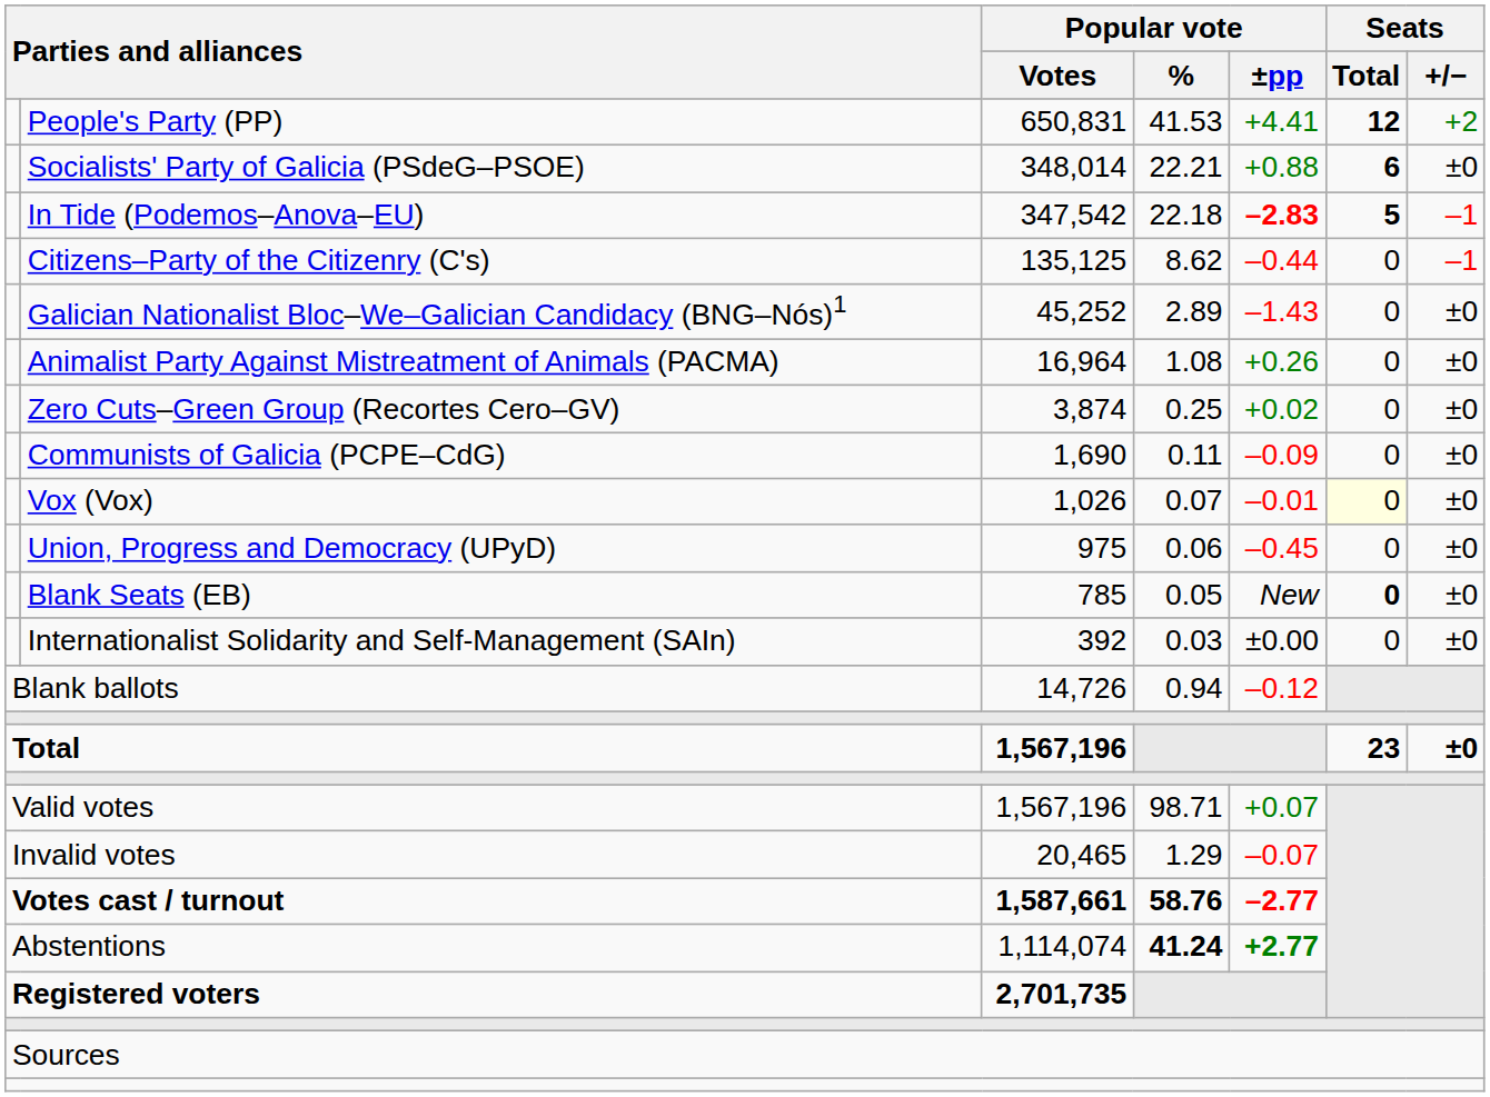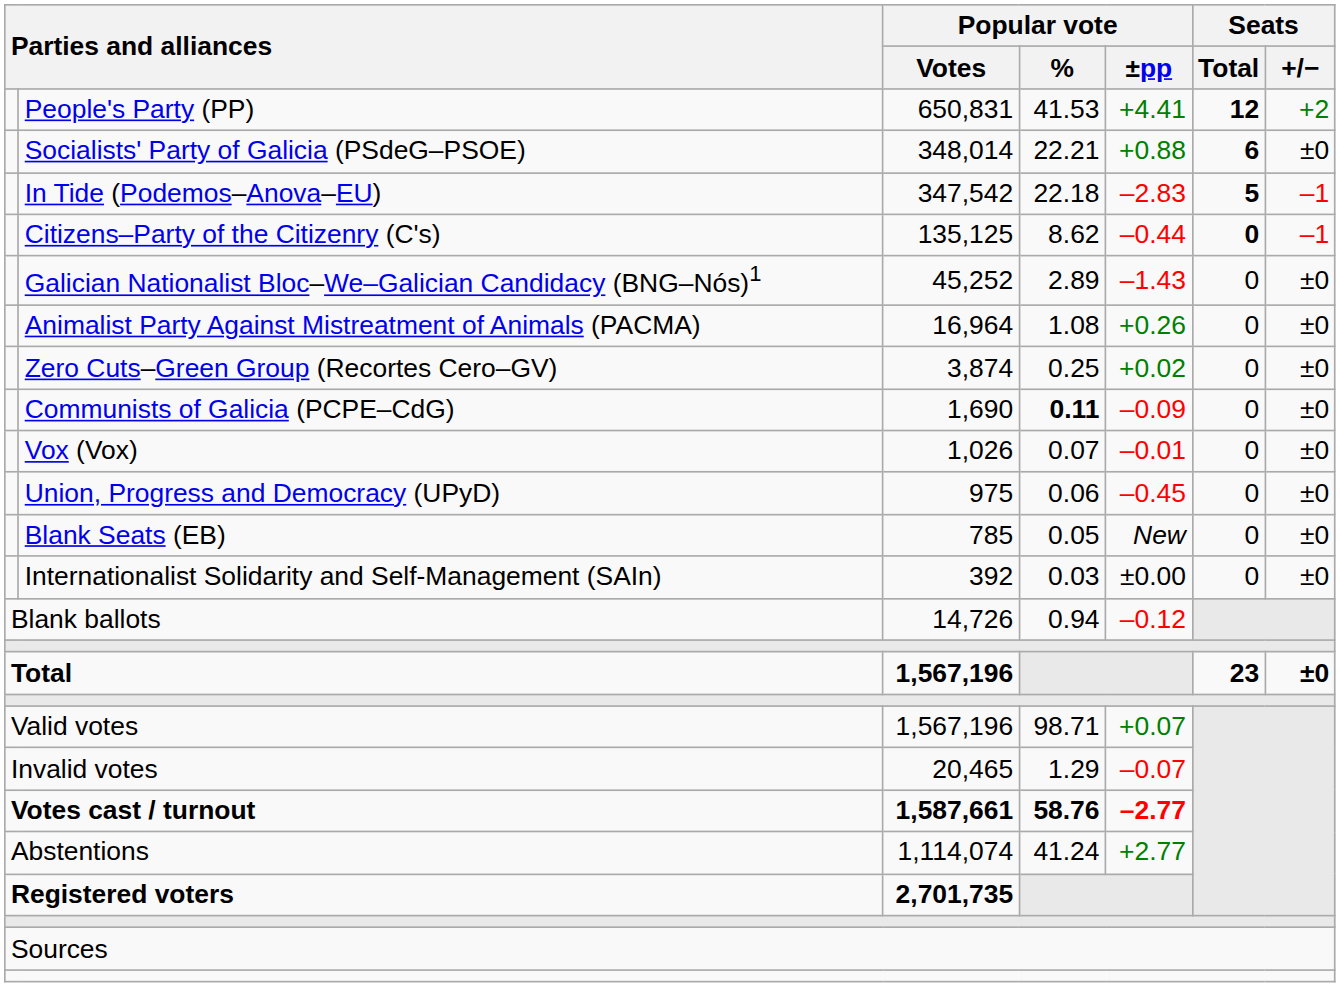 <table class="wikitable" style="text-align:right;">
 <tr>
 <th style="text-align:left;" rowspan="2" colspan="2" width="525">Parties and alliances</th>
 <th colspan="3">Popular vote</th>
 <th colspan="2">Seats</th>
 </tr>
 <tr>
 <th width="75">Votes</th>
 <th width="45">%</th>
 <th width="45">±<a href='#'>pp</a></th>
 <th width="35">Total</th>
 <th width="35">+/−</th>
 </tr>
 <tr>
 <td width="1" style="color:inherit;background:"></td>
 <td align="left"><a href='#'>People's Party</a> (PP)</td>
 <td>650,831</td>
 <td>41.53</td>
 <td style="color:green;">+4.41</td>
 <td><strong>12</strong></td>
 <td style="color:green;">+2</td>
 </tr>
 <tr>
 <td style="color:inherit;background:"></td>
 <td align="left"><a href='#'>Socialists' Party of Galicia</a> (PSdeG–PSOE)</td>
 <td>348,014</td>
 <td>22.21</td>
 <td style="color:green;">+0.88</td>
 <td><strong>6</strong></td>
 <td>±0</td>
 </tr>
 <tr>
 <td style="color:inherit;background:"></td>
 <td align="left"><a href='#'>In Tide</a> (<a href='#'>Podemos</a>–<a href='#'>Anova</a>–<a href='#'>EU</a>)</td>
 <td>347,542</td>
 <td>22.18</td>
-<td style="color:red;"><strong>–2.83</strong></td>
+<td style="color:red;">–2.83</td>
 <td><strong>5</strong></td>
 <td style="color:red;">–1</td>
 </tr>
 <tr>
 <td style="color:inherit;background:"></td>
 <td align="left"><a href='#'>Citizens–Party of the Citizenry</a> (C's)</td>
 <td>135,125</td>
 <td>8.62</td>
 <td style="color:red;">–0.44</td>
-<td>0</td>
+<td><strong>0</strong></td>
 <td style="color:red;">–1</td>
 </tr>
 <tr>
 <td style="color:inherit;background:"></td>
 <td align="left"><a href='#'>Galician Nationalist Bloc</a>–<a href='#'>We–Galician Candidacy</a> (BNG–Nós)<sup>1</sup></td>
 <td>45,252</td>
 <td>2.89</td>
 <td style="color:red;">–1.43</td>
 <td>0</td>
 <td>±0</td>
 </tr>
 <tr>
 <td style="color:inherit;background:"></td>
 <td align="left"><a href='#'>Animalist Party Against Mistreatment of Animals</a> (PACMA)</td>
 <td>16,964</td>
 <td>1.08</td>
 <td style="color:green;">+0.26</td>
 <td>0</td>
 <td>±0</td>
 </tr>
 <tr>
 <td style="color:inherit;background:"></td>
 <td align="left"><a href='#'>Zero Cuts</a>–<a href='#'>Green Group</a> (Recortes Cero–GV)</td>
 <td>3,874</td>
 <td>0.25</td>
 <td style="color:green;">+0.02</td>
 <td>0</td>
 <td>±0</td>
 </tr>
 <tr>
 <td style="color:inherit;background:"></td>
 <td align="left"><a href='#'>Communists of Galicia</a> (PCPE–CdG)</td>
 <td>1,690</td>
-<td>0.11</td>
+<td><strong>0.11</strong></td>
 <td style="color:red;">–0.09</td>
 <td>0</td>
 <td>±0</td>
 </tr>
 <tr>
 <td style="color:inherit;background:"></td>
 <td align="left"><a href='#'>Vox</a> (Vox)</td>
 <td>1,026</td>
 <td>0.07</td>
 <td style="color:red;">–0.01</td>
-<td style="background: lightyellow;">0</td>
+<td>0</td>
 <td>±0</td>
 </tr>
 <tr>
 <td style="color:inherit;background:"></td>
 <td align="left"><a href='#'>Union, Progress and Democracy</a> (UPyD)</td>
 <td>975</td>
 <td>0.06</td>
 <td style="color:red;">–0.45</td>
 <td>0</td>
 <td>±0</td>
 </tr>
 <tr>
 <td style="color:inherit;background:"></td>
 <td align="left"><a href='#'>Blank Seats</a> (EB)</td>
 <td>785</td>
 <td>0.05</td>
 <td><em>New</em></td>
-<td><strong>0</strong></td>
+<td>0</td>
 <td>±0</td>
 </tr>
 <tr>
 <td style="color:inherit;background:"></td>
 <td align="left">Internationalist Solidarity and Self-Management (SAIn)</td>
 <td>392</td>
 <td>0.03</td>
 <td>±0.00</td>
 <td>0</td>
 <td>±0</td>
 </tr>
 <tr>
 <td align="left" colspan="2">Blank ballots</td>
 <td>14,726</td>
 <td>0.94</td>
 <td style="color:red;">–0.12</td>
 <td bgcolor="#E9E9E9" colspan="2"></td>
 </tr>
 <tr>
 <td colspan="7" bgcolor="#E9E9E9"></td>
 </tr>
 <tr style="font-weight:bold;">
 <td align="left" colspan="2">Total</td>
 <td>1,567,196</td>
 <td bgcolor="#E9E9E9" colspan="2"></td>
 <td>23</td>
 <td>±0</td>
 </tr>
 <tr>
 <td colspan="7" bgcolor="#E9E9E9"></td>
 </tr>
 <tr>
 <td align="left" colspan="2">Valid votes</td>
 <td>1,567,196</td>
 <td>98.71</td>
 <td style="color:green;">+0.07</td>
 <td bgcolor="#E9E9E9" colspan="2" rowspan="5"></td>
 </tr>
 <tr>
 <td align="left" colspan="2">Invalid votes</td>
 <td>20,465</td>
 <td>1.29</td>
 <td style="color:red;">–0.07</td>
 </tr>
 <tr style="font-weight:bold;">
 <td align="left" colspan="2">Votes cast / turnout</td>
 <td>1,587,661</td>
 <td>58.76</td>
 <td style="color:red;">–2.77</td>
 </tr>
 <tr>
 <td align="left" colspan="2">Abstentions</td>
 <td>1,114,074</td>
-<td><strong>41.24</strong></td>
-<td style="color:green;"><strong>+2.77</strong></td>
+<td>41.24</td>
+<td style="color:green;">+2.77</td>
 </tr>
 <tr style="font-weight:bold;">
 <td align="left" colspan="2">Registered voters</td>
 <td>2,701,735</td>
 <td bgcolor="#E9E9E9" colspan="2"></td>
 </tr>
 <tr>
 <td colspan="7" bgcolor="#E9E9E9"></td>
 </tr>
 <tr>
 <td align="left" colspan="7">Sources</td>
 </tr>
 <tr>
 <td colspan="7" style="text-align:left; max-width:790px;"></td>
 </tr>
 </table>
